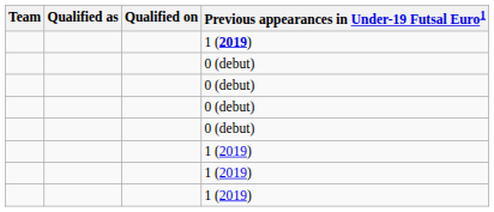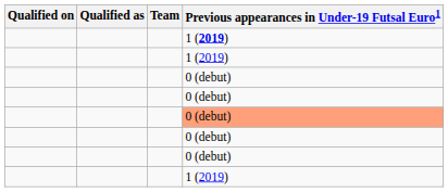 <table class="wikitable sortable">
 <tr>
+<th>Qualified on</th>
+<th>Qualified as</th>
 <th>Team</th>
-<th>Qualified as</th>
-<th>Qualified on</th>
 <th data-sort-type="number">Previous appearances in <a href='#'>Under-19 Futsal Euro</a><sup><a href='#'>1</a></sup></th>
 </tr>
 <tr>
 <td></td>
 <td></td>
 <td></td>
 <td>1 (<strong><a href='#'>2019</a></strong>)</td>
 </tr>
 <tr>
 <td></td>
 <td></td>
 <td></td>
+<td>1 (<a href='#'>2019</a>)</td>
+</tr>
+<tr>
+<td></td>
+<td></td>
+<td></td>
 <td>0 (debut)</td>
 </tr>
 <tr>
 <td></td>
 <td></td>
 <td></td>
 <td>0 (debut)</td>
+</tr>
+<tr>
+<td></td>
+<td></td>
+<td></td>
+<td style="background: lightsalmon;">0 (debut)</td>
 </tr>
 <tr>
 <td></td>
 <td></td>
 <td></td>
 <td>0 (debut)</td>
 </tr>
 <tr>
 <td></td>
 <td></td>
 <td></td>
 <td>0 (debut)</td>
 </tr>
 <tr>
 <td></td>
 <td></td>
 <td></td>
 <td>1 (<a href='#'>2019</a>)</td>
 </tr>
-<tr>
-<td></td>
-<td></td>
-<td></td>
-<td>1 (<a href='#'>2019</a>)</td>
-</tr>
-<tr>
-<td></td>
-<td></td>
-<td></td>
-<td>1 (<a href='#'>2019</a>)</td>
-</tr>
 </table>
